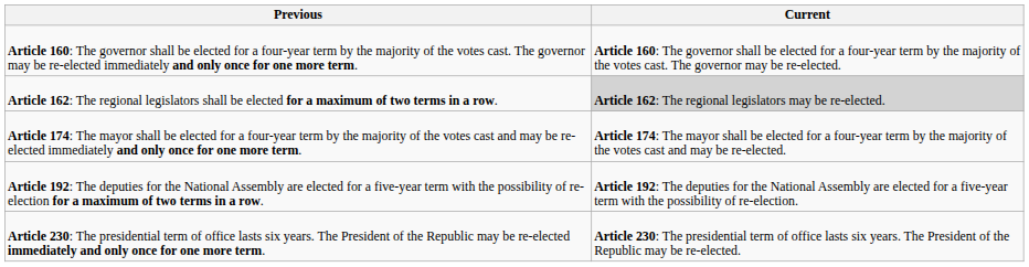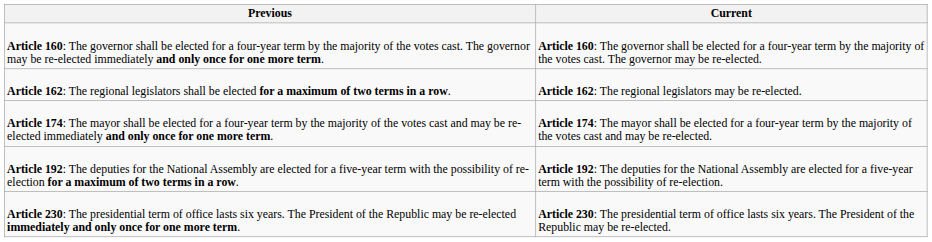 <table class=wikitable>
 <tr>
 <th>Previous</th>
 <th>Current</th>
 </tr>
 <tr>
 <td valign="top"><br><strong>Article 160</strong>: The governor shall be elected for a four-year term by the majority of the votes cast. The governor may be re-elected immediately <strong>and only once for one more term</strong>.</td>
 <td valign="top"><br><strong>Article 160</strong>: The governor shall be elected for a four-year term by the majority of the votes cast. The governor may be re-elected.</td>
 </tr>
 <tr>
 <td valign="top"><br><strong>Article 162</strong>: The regional legislators shall be elected <strong>for a maximum of two terms in a row</strong>.</td>
-<td valign="top" style="background: lightgrey;"><br><strong>Article 162</strong>: The regional legislators may be re-elected.</td>
+<td valign="top"><br><strong>Article 162</strong>: The regional legislators may be re-elected.</td>
 </tr>
 <tr>
 <td valign="top"><br><strong>Article 174</strong>: The mayor shall be elected for a four-year term by the majority of the votes cast and may be re-elected immediately <strong>and only once for one more term</strong>.</td>
 <td valign="top"><br><strong>Article 174</strong>: The mayor shall be elected for a four-year term by the majority of the votes cast and may be re-elected.</td>
 </tr>
 <tr>
 <td valign="top"><br><strong>Article 192</strong>: The deputies for the National Assembly are elected for a five-year term with the possibility of re-election <strong>for a maximum of two terms in a row</strong>.</td>
 <td valign="top"><br><strong>Article 192</strong>: The deputies for the National Assembly are elected for a five-year term with the possibility of re-election.</td>
 </tr>
 <tr>
 <td valign="top"><br><strong>Article 230</strong>: The presidential term of office lasts six years. The President of the Republic may be re-elected <strong>immediately and only once for one more term</strong>.</td>
 <td valign="top"><br><strong>Article 230</strong>: The presidential term of office lasts six years. The President of the Republic may be re-elected.</td>
 </tr>
 </table>
